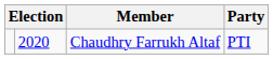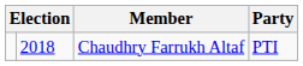 <table class="wikitable">
 <tr>
 <th colspan="2">Election</th>
 <th>Member</th>
 <th>Party</th>
 </tr>
 <tr>
 <td style="background-color: "></td>
-<td><a href='#'>2020</a></td>
+<td><a href='#'>2018</a></td>
 <td><a href='#'>Chaudhry Farrukh Altaf</a></td>
 <td><a href='#'>PTI</a></td>
 </tr>
 </table>
